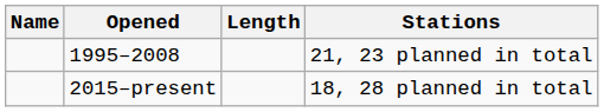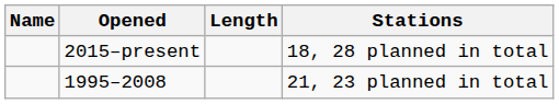 <table class="wikitable">
 <tr>
 <th>Name</th>
 <th>Opened</th>
 <th>Length</th>
 <th>Stations</th>
 </tr>
 <tr>
 <td style="background: #"></td>
+<td>2015–present</td>
+<td></td>
+<td>18, 28 planned in total</td>
+</tr>
+<tr>
+<td style="background: #"></td>
 <td>1995–2008</td>
 <td></td>
 <td>21, 23 planned in total</td>
 </tr>
-<tr>
-<td style="background: #"></td>
-<td>2015–present</td>
-<td></td>
-<td>18, 28 planned in total</td>
-</tr>
 </table>
